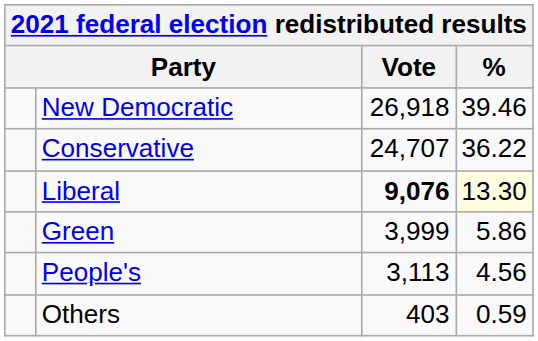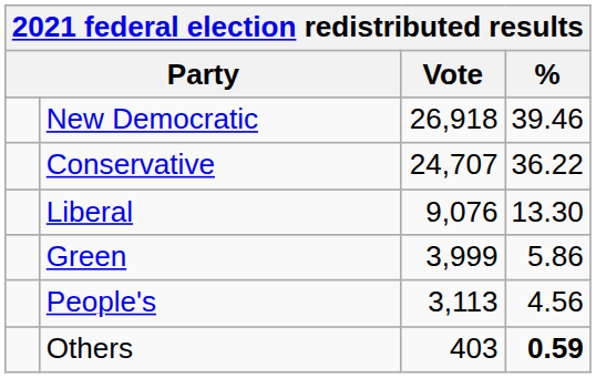 <table class="wikitable">
 <tr>
 <th colspan="4"><a href='#'>2021 federal election</a> redistributed results</th>
 </tr>
 <tr>
 <th bgcolor="#DDDDFF" width="130px" colspan="2">Party</th>
 <th bgcolor="#DDDDFF" width="50px">Vote</th>
 <th bgcolor="#DDDDFF" width="30px">%</th>
 </tr>
 <tr>
 <td> </td>
 <td><a href='#'>New Democratic</a></td>
 <td align=right>26,918</td>
 <td align=right>39.46</td>
 </tr>
 <tr>
 <td> </td>
 <td><a href='#'>Conservative</a></td>
 <td align=right>24,707</td>
 <td align=right>36.22</td>
 </tr>
 <tr>
 <td> </td>
 <td><a href='#'>Liberal</a></td>
-<td align=right><strong>9,076</strong></td>
-<td align=right style="background: lightyellow;">13.30</td>
+<td align=right>9,076</td>
+<td align=right>13.30</td>
 </tr>
 <tr>
 <td> </td>
 <td><a href='#'>Green</a></td>
 <td align=right>3,999</td>
 <td align=right>5.86</td>
 </tr>
 <tr>
 <td> </td>
 <td><a href='#'>People's</a></td>
 <td align=right>3,113</td>
 <td align=right>4.56</td>
 </tr>
 <tr>
 <td> </td>
 <td>Others</td>
 <td align=right>403</td>
-<td align=right>0.59</td>
+<td align=right><strong>0.59</strong></td>
 </tr>
 </table>
